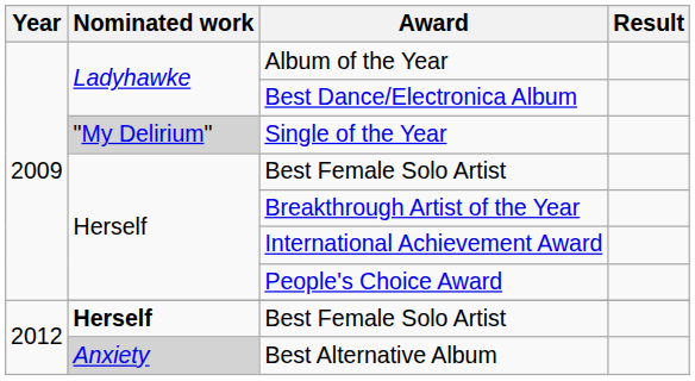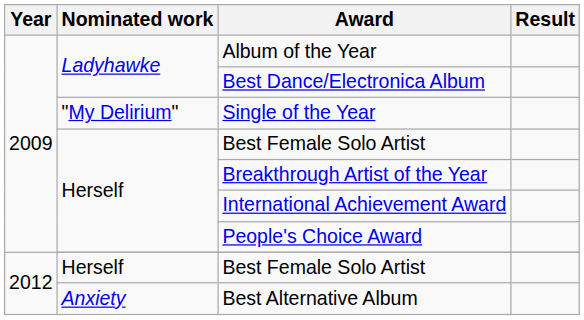 <table class="wikitable">
 <tr>
 <th>Year</th>
 <th>Nominated work</th>
 <th>Award</th>
 <th>Result</th>
 </tr>
 <tr>
 <td rowspan="7">2009</td>
 <td rowspan="2"><em><a href='#'>Ladyhawke</a></em></td>
 <td>Album of the Year</td>
 <td></td>
 </tr>
 <tr>
 <td><a href='#'>Best Dance/Electronica Album</a></td>
 <td></td>
 </tr>
 <tr>
-<td style="background: lightgrey;">"<a href='#'>My Delirium</a>"</td>
+<td>"<a href='#'>My Delirium</a>"</td>
 <td><a href='#'>Single of the Year</a></td>
 <td></td>
 </tr>
 <tr>
 <td rowspan="4">Herself</td>
 <td>Best Female Solo Artist</td>
 <td></td>
 </tr>
 <tr>
 <td><a href='#'>Breakthrough Artist of the Year</a></td>
 <td></td>
 </tr>
 <tr>
 <td><a href='#'>International Achievement Award</a></td>
 <td></td>
 </tr>
 <tr>
 <td><a href='#'>People's Choice Award</a></td>
 <td></td>
 </tr>
 <tr>
 <td rowspan="3">2012</td>
 </tr>
 <tr>
-<td rowspan="1"><strong>Herself</strong></td>
+<td rowspan="1">Herself</td>
 <td>Best Female Solo Artist</td>
 <td></td>
 </tr>
 <tr>
-<td rowspan="1" style="background: lightgrey;"><em><a href='#'>Anxiety</a></em></td>
+<td rowspan="1"><em><a href='#'>Anxiety</a></em></td>
 <td>Best Alternative Album</td>
 <td></td>
 </tr>
 </table>
